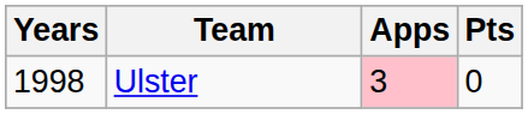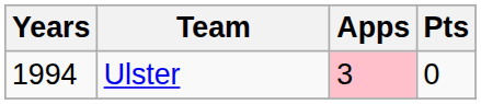 <table class="wikitable" style="text-align:left;">
 <tr>
 <th>Years</th>
 <th width=120px>Team</th>
 <th>Apps</th>
 <th>Pts</th>
 </tr>
 <tr>
-<td>1998</td>
+<td>1994</td>
 <td><a href='#'>Ulster</a></td>
 <td style="background: pink;">3</td>
 <td>0</td>
 </tr>
 </table>
